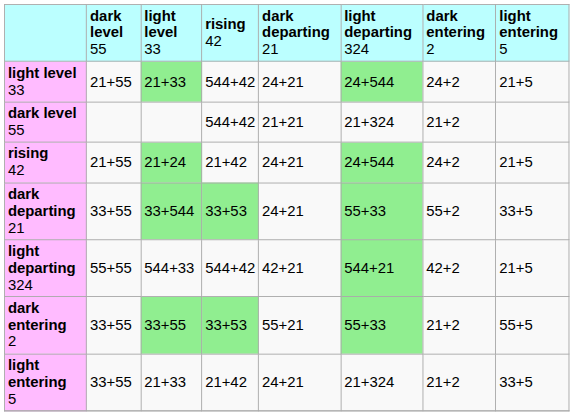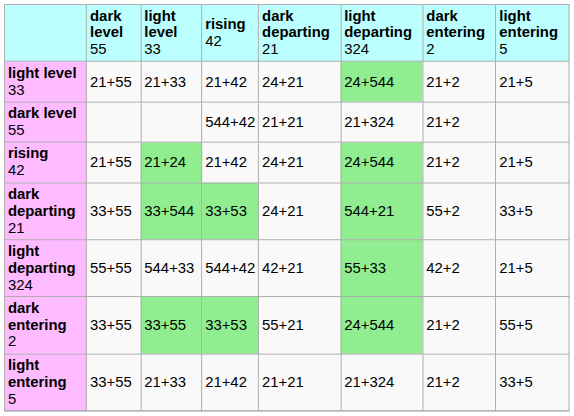 <table class=wikitable>
 <tr>
 <td bgcolor="#BBFFFF"></td>
 <td bgcolor="#BBFFFF"><strong>dark level</strong><br>55</td>
 <td bgcolor="#BBFFFF"><strong>light level</strong><br>33</td>
 <td bgcolor="#BBFFFF"><strong>rising</strong><br>42</td>
 <td bgcolor="#BBFFFF"><strong>dark departing</strong><br>21</td>
 <td bgcolor="#BBFFFF"><strong>light departing</strong><br>324</td>
 <td bgcolor="#BBFFFF"><strong>dark entering</strong><br>2</td>
 <td bgcolor="#BBFFFF"><strong>light entering</strong><br>5</td>
 </tr>
 <tr>
 <td bgcolor="#FFBBFF"><strong>light level</strong><br>33</td>
 <td>21+55</td>
-<td style="background: lightgreen;">21+33</td>
-<td>544+42</td>
+<td>21+33</td>
+<td>21+42</td>
 <td>24+21</td>
 <td style="background:lightgreen">24+544</td>
-<td>24+2</td>
+<td>21+2</td>
 <td>21+5</td>
 </tr>
 <tr>
 <td bgcolor="#FFBBFF"><strong>dark level</strong><br>55</td>
 <td></td>
 <td></td>
 <td>544+42</td>
 <td>21+21</td>
 <td>21+324</td>
 <td>21+2</td>
 <td></td>
 </tr>
 <tr>
 <td bgcolor="#FFBBFF"><strong>rising</strong><br>42</td>
 <td>21+55</td>
 <td style="background:lightgreen">21+24</td>
 <td>21+42</td>
 <td>24+21</td>
 <td style="background:lightgreen">24+544</td>
-<td>24+2</td>
+<td>21+2</td>
 <td>21+5</td>
 </tr>
 <tr>
 <td bgcolor="#FFBBFF"><strong>dark departing</strong><br>21</td>
 <td>33+55</td>
 <td style="background:lightgreen">33+544</td>
 <td style="background:lightgreen">33+53</td>
 <td>24+21</td>
-<td style="background:lightgreen">55+33</td>
+<td style="background:lightgreen">544+21</td>
 <td>55+2</td>
 <td>33+5</td>
 </tr>
 <tr>
 <td bgcolor="#FFBBFF"><strong>light departing</strong><br>324</td>
 <td>55+55</td>
 <td>544+33</td>
 <td>544+42</td>
 <td>42+21</td>
-<td style="background:lightgreen">544+21</td>
+<td style="background:lightgreen">55+33</td>
 <td>42+2</td>
 <td>21+5</td>
 </tr>
 <tr>
 <td bgcolor="#FFBBFF"><strong>dark entering</strong><br>2</td>
 <td>33+55</td>
 <td style="background:lightgreen">33+55</td>
 <td style="background:lightgreen">33+53</td>
 <td>55+21</td>
-<td style="background:lightgreen">55+33</td>
+<td style="background:lightgreen">24+544</td>
 <td>21+2</td>
 <td>55+5</td>
 </tr>
 <tr>
 <td bgcolor="#FFBBFF"><strong>light entering</strong><br>5</td>
 <td>33+55</td>
 <td>21+33</td>
 <td>21+42</td>
-<td>24+21</td>
+<td>21+21</td>
 <td>21+324</td>
 <td>21+2</td>
 <td>33+5</td>
 </tr>
 <tr>
 </tr>
 </table>
